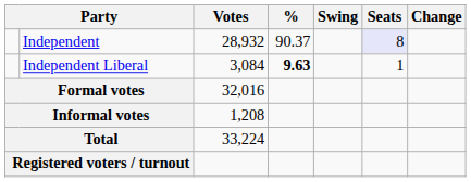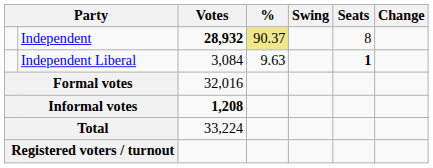 <table class="wikitable" style="text-align:right; margin-bottom:0">
 <tr>
 <th style="width:10px" colspan=3>Party</th>
 <th style="width:70px;">Votes</th>
 <th style="width:40px;">%</th>
 <th style="width:40px;">Swing</th>
 <th style="width:40px;">Seats</th>
 <th style="width:40px;">Change</th>
 </tr>
 <tr>
 <td> </td>
 <td style="text-align:left;" colspan="2"><a href='#'>Independent</a></td>
-<td>28,932</td>
-<td>90.37</td>
+<td><strong>28,932</strong></td>
+<td style="background: khaki;">90.37</td>
 <td></td>
-<td style="background: lavender;">8</td>
+<td>8</td>
 <td></td>
 </tr>
 <tr>
 <td> </td>
 <td style="text-align:left;" colspan="2"><a href='#'>Independent Liberal</a></td>
 <td>3,084</td>
-<td><strong>9.63</strong></td>
+<td>9.63</td>
 <td></td>
-<td>1</td>
+<td><strong>1</strong></td>
 <td></td>
 </tr>
 <tr>
 <th colspan="3" rowspan="1"> Formal votes</th>
 <td>32,016</td>
 <td></td>
 <td></td>
 <td></td>
 <td></td>
 </tr>
 <tr>
 <th colspan="3" rowspan="1"> Informal votes</th>
-<td>1,208</td>
+<td><strong>1,208</strong></td>
 <td></td>
 <td></td>
 <td></td>
 <td></td>
 </tr>
 <tr>
 <th colspan="3" rowspan="1"> Total</th>
 <td>33,224</td>
 <td></td>
 <td></td>
 <td></td>
 <td></td>
 </tr>
 <tr>
 <th colspan="3" rowspan="1"> Registered voters / turnout</th>
 <td></td>
 <td></td>
 <td></td>
 <td></td>
 <td></td>
 </tr>
 </table>
